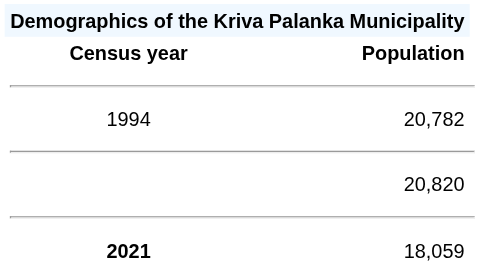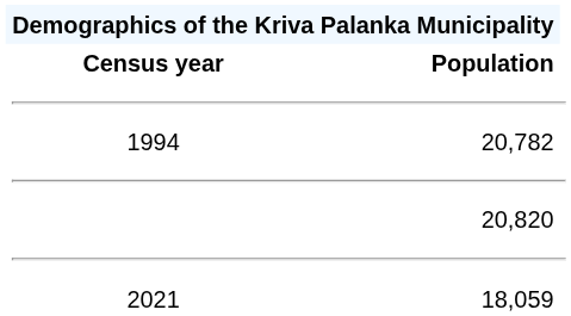 <table class="toccolours" align="Center" cellpadding="4" cellspacing="0" style="margin:0 0 1em 1em; font-size: 95%;">
 <tr>
 <th colspan=2 bgcolor="#F0F8FF" align="center">Demographics of the <strong>Kriva Palanka Municipality</strong></th>
 <th></th>
 </tr>
 <tr>
 <th align="center">Census year</th>
 <th align="right">Population</th>
 </tr>
 <tr>
 <td colspan=3><hr></td>
 </tr>
 <tr>
 <td align="center">1994</td>
 <td align="right">20,782</td>
 </tr>
 <tr>
 <td colspan=3><hr></td>
 </tr>
 <tr>
 <td align="center"></td>
 <td align="right">20,820</td>
 </tr>
 <tr>
 <td colspan=3><hr></td>
 </tr>
 <tr>
-<td align="center"><strong>2021</strong></td>
+<td align="center">2021</td>
 <td align="right">18,059</td>
 </tr>
 <tr>
 </tr>
 </table>
